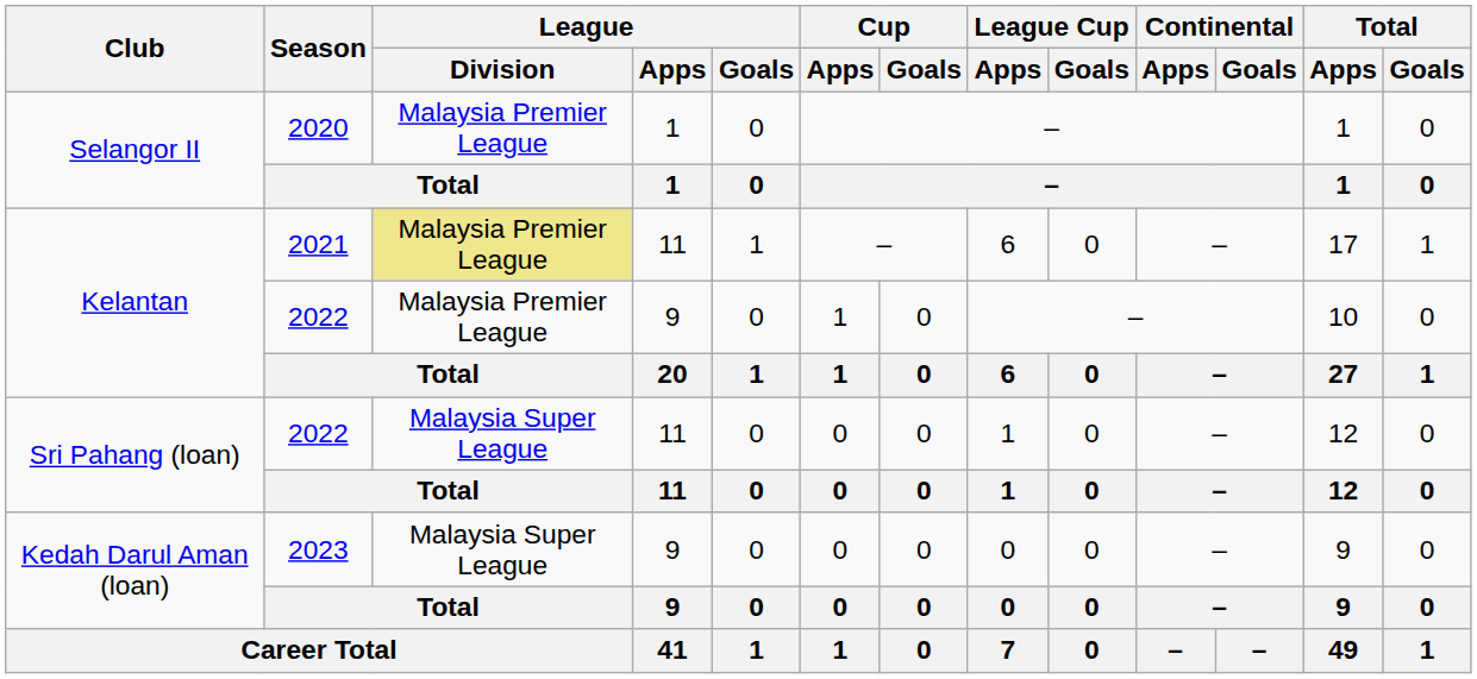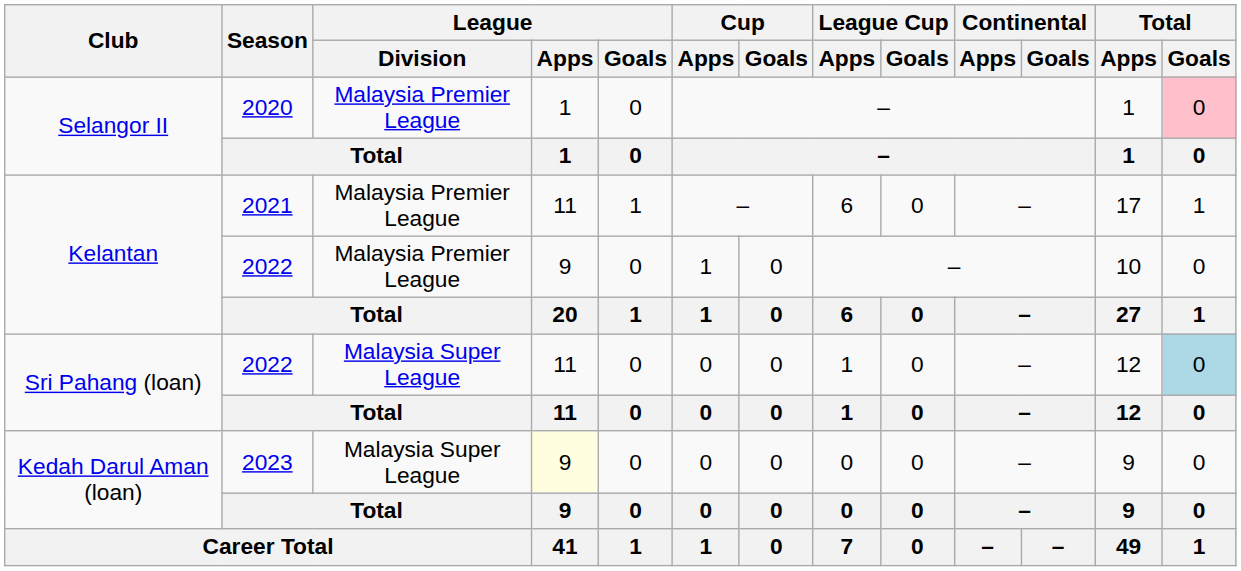 <table class=wikitable style="text-align:center">
 <tr>
 <th rowspan=2>Club</th>
 <th rowspan=2>Season</th>
 <th colspan=3>League</th>
 <th colspan=2>Cup</th>
 <th colspan=2>League Cup</th>
 <th colspan=2>Continental</th>
 <th colspan=2>Total</th>
 </tr>
 <tr>
 <th>Division</th>
 <th>Apps</th>
 <th>Goals</th>
 <th>Apps</th>
 <th>Goals</th>
 <th>Apps</th>
 <th>Goals</th>
 <th>Apps</th>
 <th>Goals</th>
 <th>Apps</th>
 <th>Goals</th>
 </tr>
 <tr>
 <td rowspan=2><a href='#'>Selangor II</a></td>
 <td><a href='#'>2020</a></td>
 <td><a href='#'>Malaysia Premier League</a></td>
 <td>1</td>
 <td>0</td>
 <td colspan=6>–</td>
 <td>1</td>
-<td>0</td>
+<td style="background: pink;">0</td>
 </tr>
 <tr>
 <th colspan="2">Total</th>
 <th>1</th>
 <th>0</th>
 <th colspan=6>–</th>
 <th>1</th>
 <th>0</th>
 </tr>
 <tr>
 <td rowspan=3><a href='#'>Kelantan</a></td>
 <td><a href='#'>2021</a></td>
-<td style="background: khaki;">Malaysia Premier League</td>
+<td>Malaysia Premier League</td>
 <td>11</td>
 <td>1</td>
 <td colspan=2>–</td>
 <td>6</td>
 <td>0</td>
 <td colspan=2>–</td>
 <td>17</td>
 <td>1</td>
 </tr>
 <tr>
 <td><a href='#'>2022</a></td>
 <td>Malaysia Premier League</td>
 <td>9</td>
 <td>0</td>
 <td>1</td>
 <td>0</td>
 <td colspan=4>–</td>
 <td>10</td>
 <td>0</td>
 </tr>
 <tr>
 <th colspan="2">Total</th>
 <th>20</th>
 <th>1</th>
 <th>1</th>
 <th>0</th>
 <th>6</th>
 <th>0</th>
 <th colspan=2>–</th>
 <th>27</th>
 <th>1</th>
 </tr>
 <tr>
 <td rowspan=2><a href='#'>Sri Pahang</a> (loan)</td>
 <td><a href='#'>2022</a></td>
 <td><a href='#'>Malaysia Super League</a></td>
 <td>11</td>
 <td>0</td>
 <td>0</td>
 <td>0</td>
 <td>1</td>
 <td>0</td>
 <td colspan=2>–</td>
 <td>12</td>
-<td>0</td>
+<td style="background: lightblue;">0</td>
 </tr>
 <tr>
 <th colspan="2">Total</th>
 <th>11</th>
 <th>0</th>
 <th>0</th>
 <th>0</th>
 <th>1</th>
 <th>0</th>
 <th colspan=2>–</th>
 <th>12</th>
 <th>0</th>
 </tr>
 <tr>
 <td rowspan=2><a href='#'>Kedah Darul Aman</a> (loan)</td>
 <td><a href='#'>2023</a></td>
 <td>Malaysia Super League</td>
-<td>9</td>
+<td style="background: lightyellow;">9</td>
 <td>0</td>
 <td>0</td>
 <td>0</td>
 <td>0</td>
 <td>0</td>
 <td colspan=2>–</td>
 <td>9</td>
 <td>0</td>
 </tr>
 <tr>
 <th colspan="2">Total</th>
 <th>9</th>
 <th>0</th>
 <th>0</th>
 <th>0</th>
 <th>0</th>
 <th>0</th>
 <th colspan=2>–</th>
 <th>9</th>
 <th>0</th>
 </tr>
 <tr>
 <th colspan="3">Career Total</th>
 <th>41</th>
 <th>1</th>
 <th>1</th>
 <th>0</th>
 <th>7</th>
 <th>0</th>
 <th>–</th>
 <th>–</th>
 <th>49</th>
 <th>1</th>
 </tr>
 </table>
